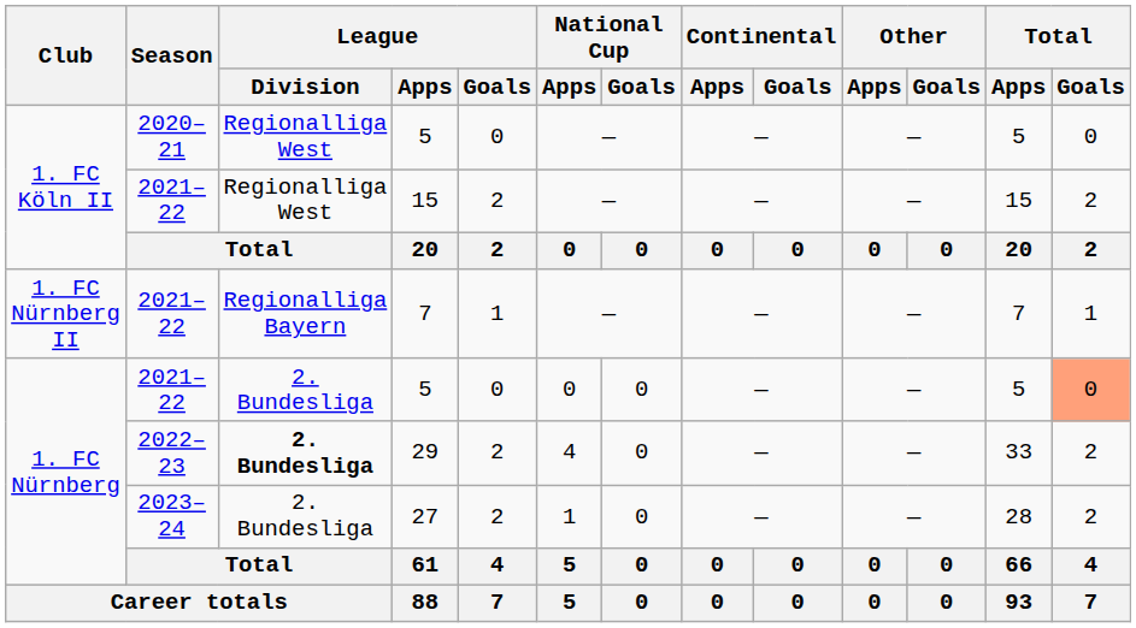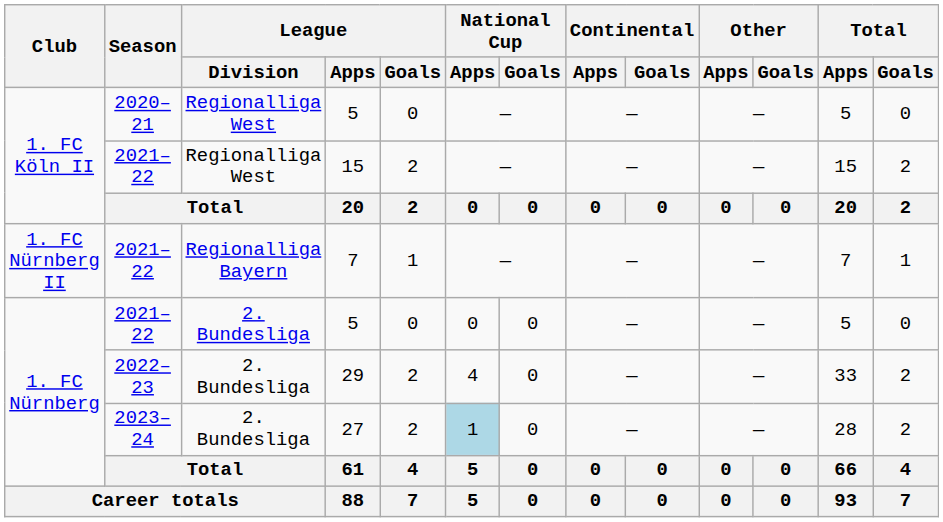 <table class="wikitable" style="text-align:center">
 <tr>
 <th rowspan="2">Club</th>
 <th rowspan="2">Season</th>
 <th colspan="3">League</th>
 <th colspan="2">National Cup</th>
 <th colspan="2">Continental</th>
 <th colspan="2">Other</th>
 <th colspan="2">Total</th>
 </tr>
 <tr>
 <th>Division</th>
 <th>Apps</th>
 <th>Goals</th>
 <th>Apps</th>
 <th>Goals</th>
 <th>Apps</th>
 <th>Goals</th>
 <th>Apps</th>
 <th>Goals</th>
 <th>Apps</th>
 <th>Goals</th>
 </tr>
 <tr>
 <td rowspan="3"><a href='#'>1. FC Köln II</a></td>
 <td><a href='#'>2020–21</a></td>
 <td><a href='#'>Regionalliga West</a></td>
 <td>5</td>
 <td>0</td>
 <td colspan="2">—</td>
 <td colspan="2">—</td>
 <td colspan="2">—</td>
 <td>5</td>
 <td>0</td>
 </tr>
 <tr>
 <td><a href='#'>2021–22</a></td>
 <td>Regionalliga West</td>
 <td>15</td>
 <td>2</td>
 <td colspan="2">—</td>
 <td colspan="2">—</td>
 <td colspan="2">—</td>
 <td>15</td>
 <td>2</td>
 </tr>
 <tr>
 <th colspan="2">Total</th>
 <th>20</th>
 <th>2</th>
 <th>0</th>
 <th>0</th>
 <th>0</th>
 <th>0</th>
 <th>0</th>
 <th>0</th>
 <th>20</th>
 <th>2</th>
 </tr>
 <tr>
 <td><a href='#'>1. FC Nürnberg II</a></td>
 <td><a href='#'>2021–22</a></td>
 <td><a href='#'>Regionalliga Bayern</a></td>
 <td>7</td>
 <td>1</td>
 <td colspan="2">—</td>
 <td colspan="2">—</td>
 <td colspan="2">—</td>
 <td>7</td>
 <td>1</td>
 </tr>
 <tr>
 <td rowspan="4"><a href='#'>1. FC Nürnberg</a></td>
 <td><a href='#'>2021–22</a></td>
 <td><a href='#'>2. Bundesliga</a></td>
 <td>5</td>
 <td>0</td>
 <td>0</td>
 <td>0</td>
 <td colspan="2">—</td>
 <td colspan="2">—</td>
 <td>5</td>
-<td style="background: lightsalmon;">0</td>
+<td>0</td>
 </tr>
 <tr>
 <td><a href='#'>2022–23</a></td>
-<td><strong>2. Bundesliga</strong></td>
+<td>2. Bundesliga</td>
 <td>29</td>
 <td>2</td>
 <td>4</td>
 <td>0</td>
 <td colspan="2">—</td>
 <td colspan="2">—</td>
 <td>33</td>
 <td>2</td>
 </tr>
 <tr>
 <td><a href='#'>2023–24</a></td>
 <td>2. Bundesliga</td>
 <td>27</td>
 <td>2</td>
-<td>1</td>
+<td style="background: lightblue;">1</td>
 <td>0</td>
 <td colspan="2">—</td>
 <td colspan="2">—</td>
 <td>28</td>
 <td>2</td>
 </tr>
 <tr>
 <th colspan="2">Total</th>
 <th>61</th>
 <th>4</th>
 <th>5</th>
 <th>0</th>
 <th>0</th>
 <th>0</th>
 <th>0</th>
 <th>0</th>
 <th>66</th>
 <th>4</th>
 </tr>
 <tr>
 <th colspan="3">Career totals</th>
 <th>88</th>
 <th>7</th>
 <th>5</th>
 <th>0</th>
 <th>0</th>
 <th>0</th>
 <th>0</th>
 <th>0</th>
 <th>93</th>
 <th>7</th>
 </tr>
 </table>
